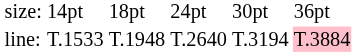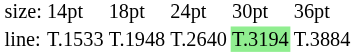 <table style="margin-left:40px;">
 <tr>
 <td>size:</td>
 <td>14pt</td>
 <td>18pt</td>
 <td>24pt</td>
 <td>30pt</td>
 <td>36pt</td>
 </tr>
 <tr>
 <td>line:</td>
 <td>T.1533</td>
 <td>T.1948</td>
 <td>T.2640</td>
-<td>T.3194</td>
-<td style="background: pink;">T.3884</td>
+<td style="background: lightgreen;">T.3194</td>
+<td>T.3884</td>
 </tr>
 </table>
